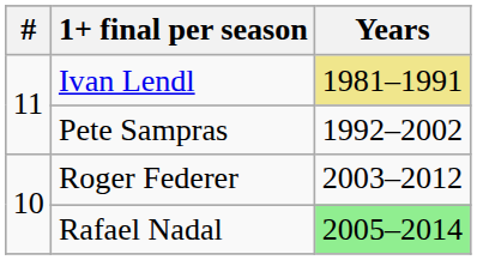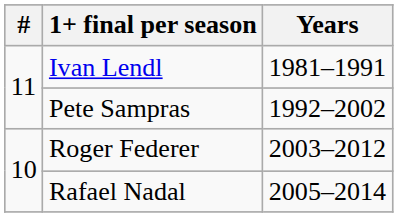 <table class=wikitable style="display:inline-table;">
 <tr>
 <th>#</th>
 <th>1+ final per season</th>
 <th>Years</th>
 </tr>
 <tr>
 <td rowspan="2">11</td>
 <td> <a href='#'>Ivan Lendl</a></td>
-<td style="background: khaki;">1981–1991</td>
+<td>1981–1991</td>
 </tr>
 <tr>
 <td> Pete Sampras</td>
 <td>1992–2002</td>
 </tr>
 <tr>
 <td rowspan="2">10</td>
 <td> Roger Federer</td>
 <td>2003–2012</td>
 </tr>
 <tr>
 <td> Rafael Nadal</td>
-<td style="background: lightgreen;">2005–2014</td>
+<td>2005–2014</td>
 </tr>
 </table>
